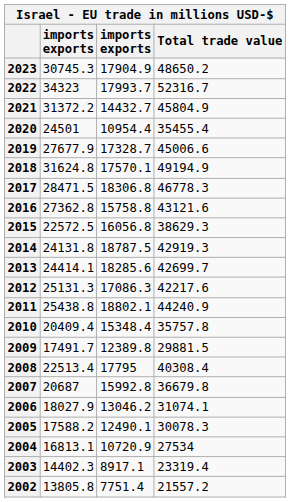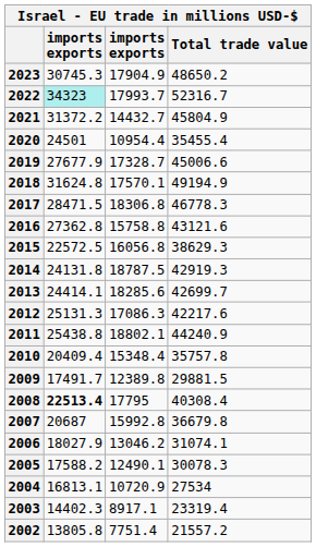 <table class="wikitable mw-collapsible mw-collapsed">
 <tr>
 <th colspan="4">Israel - EU trade in millions USD-$ </th>
 </tr>
 <tr>
 <th></th>
 <th> imports<br> exports</th>
 <th> imports<br> exports</th>
 <th>Total trade value</th>
 </tr>
 <tr>
 <th>2023</th>
 <td>30745.3</td>
 <td>17904.9</td>
 <td>48650.2</td>
 </tr>
 <tr>
 <th>2022</th>
-<td>34323</td>
+<td style="background: paleturquoise;">34323</td>
 <td>17993.7</td>
 <td>52316.7</td>
 </tr>
 <tr>
 <th>2021</th>
 <td>31372.2</td>
 <td>14432.7</td>
 <td>45804.9</td>
 </tr>
 <tr>
 <th>2020</th>
 <td>24501</td>
 <td>10954.4</td>
 <td>35455.4</td>
 </tr>
 <tr>
 <th>2019</th>
 <td>27677.9</td>
 <td>17328.7</td>
 <td>45006.6</td>
 </tr>
 <tr>
 <th>2018</th>
 <td>31624.8</td>
 <td>17570.1</td>
 <td>49194.9</td>
 </tr>
 <tr>
 <th>2017</th>
 <td>28471.5</td>
 <td>18306.8</td>
 <td>46778.3</td>
 </tr>
 <tr>
 <th>2016</th>
 <td>27362.8</td>
 <td>15758.8</td>
 <td>43121.6</td>
 </tr>
 <tr>
 <th>2015</th>
 <td>22572.5</td>
 <td>16056.8</td>
 <td>38629.3</td>
 </tr>
 <tr>
 <th>2014</th>
 <td>24131.8</td>
 <td>18787.5</td>
 <td>42919.3</td>
 </tr>
 <tr>
 <th>2013</th>
 <td>24414.1</td>
 <td>18285.6</td>
 <td>42699.7</td>
 </tr>
 <tr>
 <th>2012</th>
 <td>25131.3</td>
 <td>17086.3</td>
 <td>42217.6</td>
 </tr>
 <tr>
 <th>2011</th>
 <td>25438.8</td>
 <td>18802.1</td>
 <td>44240.9</td>
 </tr>
 <tr>
 <th>2010</th>
 <td>20409.4</td>
 <td>15348.4</td>
 <td>35757.8</td>
 </tr>
 <tr>
 <th>2009</th>
 <td>17491.7</td>
 <td>12389.8</td>
 <td>29881.5</td>
 </tr>
 <tr>
 <th>2008</th>
-<td>22513.4</td>
+<td><strong>22513.4</strong></td>
 <td>17795</td>
 <td>40308.4</td>
 </tr>
 <tr>
 <th>2007</th>
 <td>20687</td>
 <td>15992.8</td>
 <td>36679.8</td>
 </tr>
 <tr>
 <th>2006</th>
 <td>18027.9</td>
 <td>13046.2</td>
 <td>31074.1</td>
 </tr>
 <tr>
 <th>2005</th>
 <td>17588.2</td>
 <td>12490.1</td>
 <td>30078.3</td>
 </tr>
 <tr>
 <th>2004</th>
 <td>16813.1</td>
 <td>10720.9</td>
 <td>27534</td>
 </tr>
 <tr>
 <th>2003</th>
 <td>14402.3</td>
 <td>8917.1</td>
 <td>23319.4</td>
 </tr>
 <tr>
 <th>2002</th>
 <td>13805.8</td>
 <td>7751.4</td>
 <td>21557.2</td>
 </tr>
 </table>
